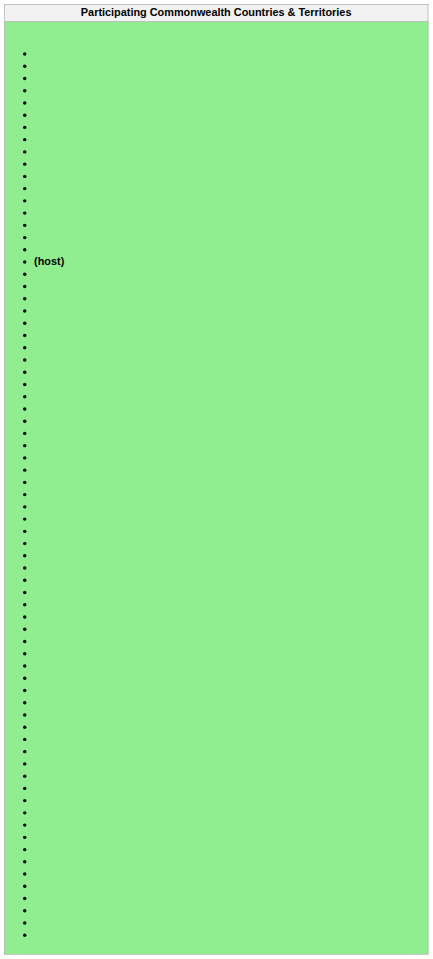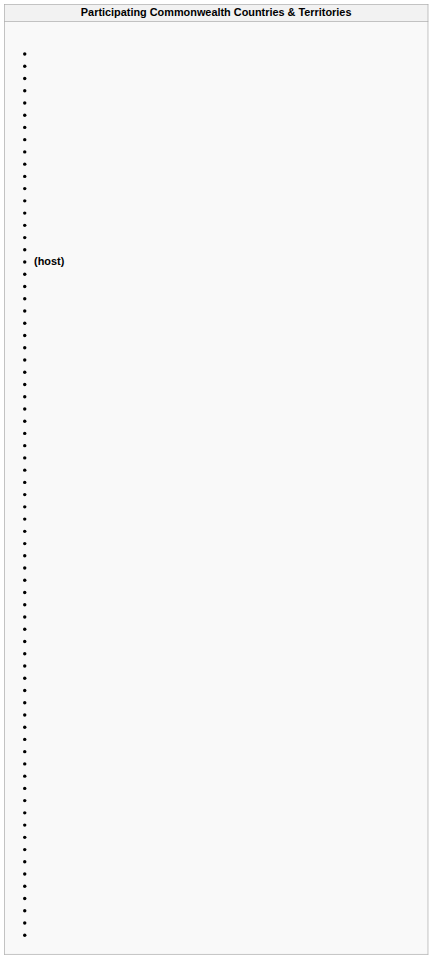 <table class="wikitable collapsible" style="width:100%;">
 <tr>
 <th>Participating Commonwealth Countries & Territories</th>
 </tr>
 <tr>
-<td style="background: lightgreen;"><br><ul><li></li><li></li><li></li><li></li><li></li><li></li><li></li><li></li><li></li><li></li><li></li><li></li><li></li><li></li><li></li><li></li><li></li><li> <strong>(host)</strong></li><li></li><li></li><li></li><li></li><li></li><li></li><li></li><li></li><li></li><li></li><li></li><li></li><li></li><li></li><li></li><li></li><li></li><li></li><li></li><li></li><li></li><li></li><li></li><li></li><li></li><li></li><li></li><li></li><li></li><li></li><li></li><li></li><li></li><li></li><li></li><li></li><li></li><li></li><li></li><li></li><li></li><li></li><li></li><li></li><li></li><li></li><li></li><li></li><li></li><li></li><li></li><li></li><li></li><li></li><li></li></ul></td>
+<td><br><ul><li></li><li></li><li></li><li></li><li></li><li></li><li></li><li></li><li></li><li></li><li></li><li></li><li></li><li></li><li></li><li></li><li></li><li> <strong>(host)</strong></li><li></li><li></li><li></li><li></li><li></li><li></li><li></li><li></li><li></li><li></li><li></li><li></li><li></li><li></li><li></li><li></li><li></li><li></li><li></li><li></li><li></li><li></li><li></li><li></li><li></li><li></li><li></li><li></li><li></li><li></li><li></li><li></li><li></li><li></li><li></li><li></li><li></li><li></li><li></li><li></li><li></li><li></li><li></li><li></li><li></li><li></li><li></li><li></li><li></li><li></li><li></li><li></li><li></li><li></li><li></li></ul></td>
 </tr>
 </table>
